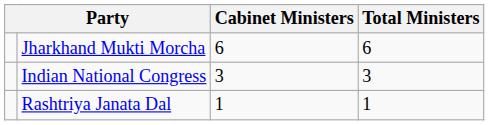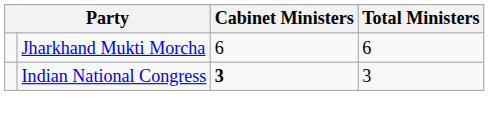 <table class="wikitable">
 <tr>
 <th colspan="2">Party</th>
 <th>Cabinet Ministers</th>
 <th>Total Ministers</th>
 </tr>
 <tr>
 <td width="4px"></td>
 <td><a href='#'>Jharkhand Mukti Morcha</a></td>
 <td>6</td>
 <td>6</td>
 </tr>
 <tr>
 <td width="4px"></td>
 <td><a href='#'>Indian National Congress</a></td>
-<td>3</td>
+<td><strong>3</strong></td>
 <td>3</td>
 </tr>
-<tr>
-<td width="4px"></td>
-<td><a href='#'>Rashtriya Janata Dal</a></td>
-<td>1</td>
-<td>1</td>
-</tr>
 </table>
